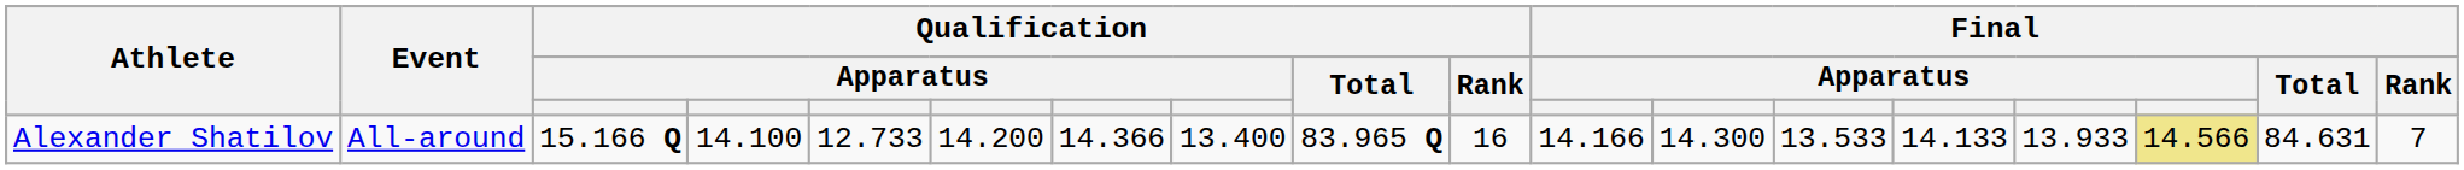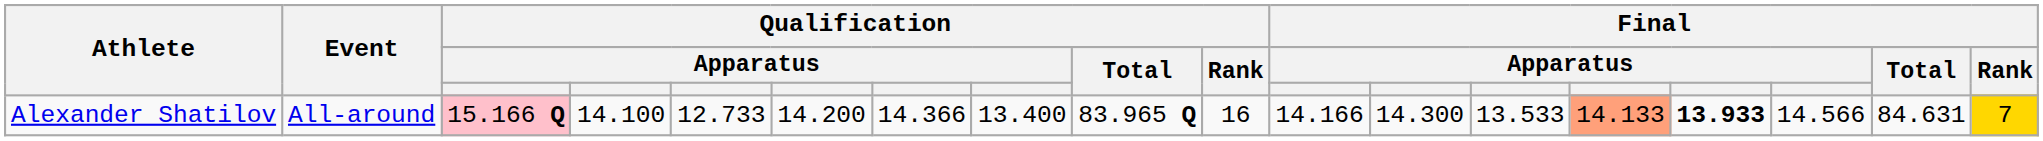 <table class="wikitable" style="font-size:90%">
 <tr>
 <th rowspan=3>Athlete</th>
 <th rowspan=3>Event</th>
 <th colspan=8>Qualification</th>
 <th colspan=8>Final</th>
 </tr>
 <tr style="font-size:95%">
 <th colspan=6>Apparatus</th>
 <th rowspan=2>Total</th>
 <th rowspan=2>Rank</th>
 <th colspan=6>Apparatus</th>
 <th rowspan=2>Total</th>
 <th rowspan=2>Rank</th>
 </tr>
 <tr style="font-size:95%">
 <th></th>
 <th></th>
 <th></th>
 <th></th>
 <th></th>
 <th></th>
 <th></th>
 <th></th>
 <th></th>
 <th></th>
 <th></th>
 <th></th>
 </tr>
 <tr align=center>
 <td align=left><a href='#'>Alexander Shatilov</a></td>
 <td align=left><a href='#'>All-around</a></td>
-<td>15.166 <strong>Q</strong></td>
+<td style="background: pink;">15.166 <strong>Q</strong></td>
 <td>14.100</td>
 <td>12.733</td>
 <td>14.200</td>
 <td>14.366</td>
 <td>13.400</td>
 <td>83.965 <strong>Q</strong></td>
 <td>16</td>
 <td>14.166</td>
 <td>14.300</td>
 <td>13.533</td>
-<td>14.133</td>
-<td>13.933</td>
-<td style="background: khaki;">14.566</td>
+<td style="background: lightsalmon;">14.133</td>
+<td><strong>13.933</strong></td>
+<td>14.566</td>
 <td>84.631</td>
-<td>7</td>
+<td style="background: gold;">7</td>
 </tr>
 </table>
